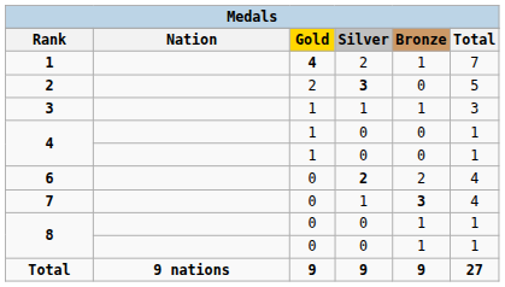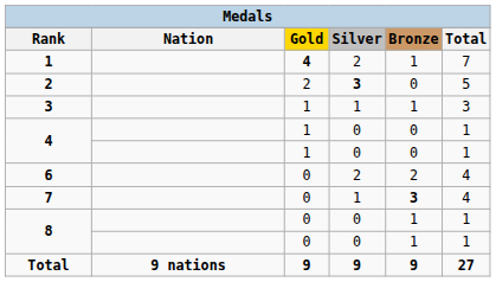 <table class="wikitable" style="text-align:center">
 <tr>
 <td colspan="6" style="background:#BCD4E6"><strong>Medals</strong></td>
 </tr>
 <tr>
 </tr>
 <tr style="background-color:#EDEDED;">
 <th width="75px" class="hintergrundfarbe5">Rank</th>
 <th width="175px" class="hintergrundfarbe6">Nation</th>
 <th style="background:    gold; width:35px ">Gold</th>
 <th style="background:  silver; width:35px ">Silver</th>
 <th style="background: #CC9966; width:35px ">Bronze</th>
 <th width="35px">Total</th>
 </tr>
 <tr>
 <td><strong>1</strong></td>
 <td align=left></td>
 <td><strong>4</strong></td>
 <td>2</td>
 <td>1</td>
 <td>7</td>
 </tr>
 <tr>
 <td><strong>2</strong></td>
 <td align=left></td>
 <td>2</td>
 <td><strong>3</strong></td>
 <td>0</td>
 <td>5</td>
 </tr>
 <tr>
 <td><strong>3</strong></td>
 <td align=left></td>
 <td>1</td>
 <td>1</td>
 <td>1</td>
 <td>3</td>
 </tr>
 <tr>
 <td rowspan=2><strong>4</strong></td>
 <td align=left></td>
 <td>1</td>
 <td>0</td>
 <td>0</td>
 <td>1</td>
 </tr>
 <tr>
 <td align=left></td>
 <td>1</td>
 <td>0</td>
 <td>0</td>
 <td>1</td>
 </tr>
 <tr>
 <td><strong>6</strong></td>
 <td align=left></td>
 <td>0</td>
-<td><strong>2</strong></td>
+<td>2</td>
 <td>2</td>
 <td>4</td>
 </tr>
 <tr>
 <td><strong>7</strong></td>
 <td align=left></td>
 <td>0</td>
 <td>1</td>
 <td><strong>3</strong></td>
 <td>4</td>
 </tr>
 <tr>
 <td rowspan=2><strong>8</strong></td>
 <td align=left></td>
 <td>0</td>
 <td>0</td>
 <td>1</td>
 <td>1</td>
 </tr>
 <tr>
 <td align=left></td>
 <td>0</td>
 <td>0</td>
 <td>1</td>
 <td>1</td>
 </tr>
 <tr>
 <td><strong>Total</strong></td>
 <td><strong>9 nations</strong></td>
 <td><strong>9</strong></td>
 <td><strong>9</strong></td>
 <td><strong>9</strong></td>
 <td><strong>27</strong></td>
 </tr>
 </table>
